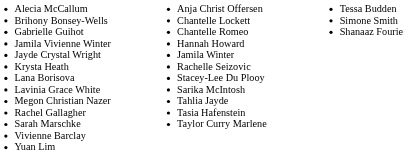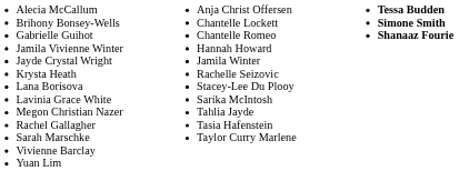 <table>
 <tr>
 <td width=250px><strong></strong></td>
 <td width=250px><strong></strong></td>
 <td width=250px><strong></strong></td>
 </tr>
 <tr style="vertical-align: top;"|>
 <td><br><ul><li>Alecia McCallum</li><li>Brihony Bonsey-Wells</li><li>Gabrielle Guihot</li><li>Jamila Vivienne Winter</li><li>Jayde Crystal Wright</li><li>Krysta Heath</li><li>Lana Borisova</li><li>Lavinia Grace White</li><li>Megon Christian Nazer</li><li>Rachel Gallagher</li><li>Sarah Marschke</li><li>Vivienne Barclay</li><li>Yuan Lim</li></ul></td>
 <td><br><ul><li>Anja Christ Offersen</li><li>Chantelle Lockett</li><li>Chantelle Romeo</li><li>Hannah Howard</li><li>Jamila Winter</li><li>Rachelle Seizovic</li><li>Stacey-Lee Du Plooy</li><li>Sarika McIntosh</li><li>Tahlia Jayde</li><li>Tasia Hafenstein</li><li>Taylor Curry Marlene</li></ul></td>
-<td><br><ul><li>Tessa Budden</li><li>Simone Smith</li><li>Shanaaz Fourie</li></ul></td>
+<td><strong><br><ul><li>Tessa Budden</li><li>Simone Smith</li><li>Shanaaz Fourie</li></ul></strong></td>
 </tr>
 </table>
